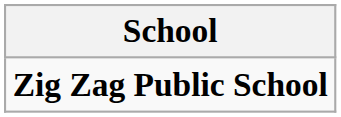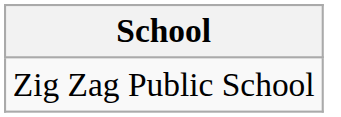 <table class="wikitable">
 <tr>
 <th>School</th>
 </tr>
 <tr>
-<td><strong>Zig Zag Public School</strong></td>
+<td>Zig Zag Public School</td>
 </tr>
 </table>
